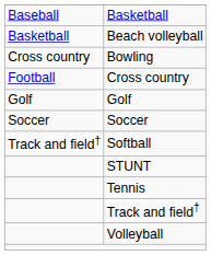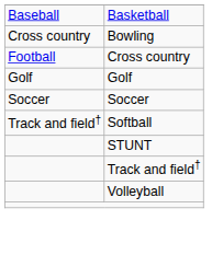 <table class="wikitable" style=" ">
 <tr>
 </tr>
 <tr>
 <td><a href='#'>Baseball</a></td>
 <td><a href='#'>Basketball</a></td>
-</tr>
-<tr>
-<td><a href='#'>Basketball</a></td>
-<td>Beach volleyball</td>
 </tr>
 <tr>
 <td>Cross country</td>
 <td>Bowling</td>
 </tr>
 <tr>
 <td><a href='#'>Football</a></td>
 <td>Cross country</td>
 </tr>
 <tr>
 <td>Golf</td>
 <td>Golf</td>
 </tr>
 <tr>
 <td>Soccer</td>
 <td>Soccer</td>
 </tr>
 <tr>
 <td>Track and field<sup>†</sup></td>
 <td>Softball</td>
 </tr>
 <tr>
 <td></td>
 <td>STUNT</td>
 </tr>
 <tr>
 <td></td>
-<td>Tennis</td>
-</tr>
-<tr>
-<td></td>
 <td>Track and field<sup>†</sup></td>
 </tr>
 <tr>
 <td></td>
 <td>Volleyball</td>
 </tr>
 <tr>
 <td colspan="2"></td>
 </tr>
 </table>
